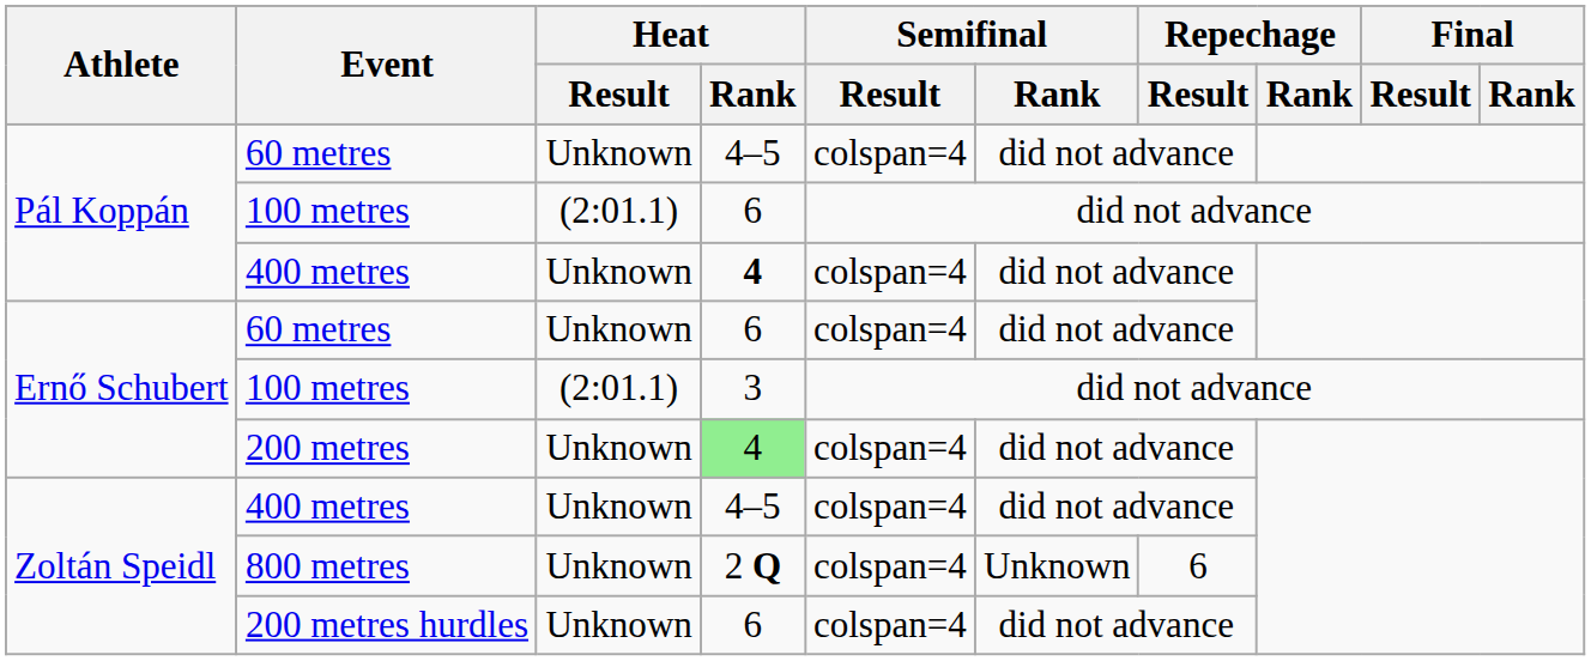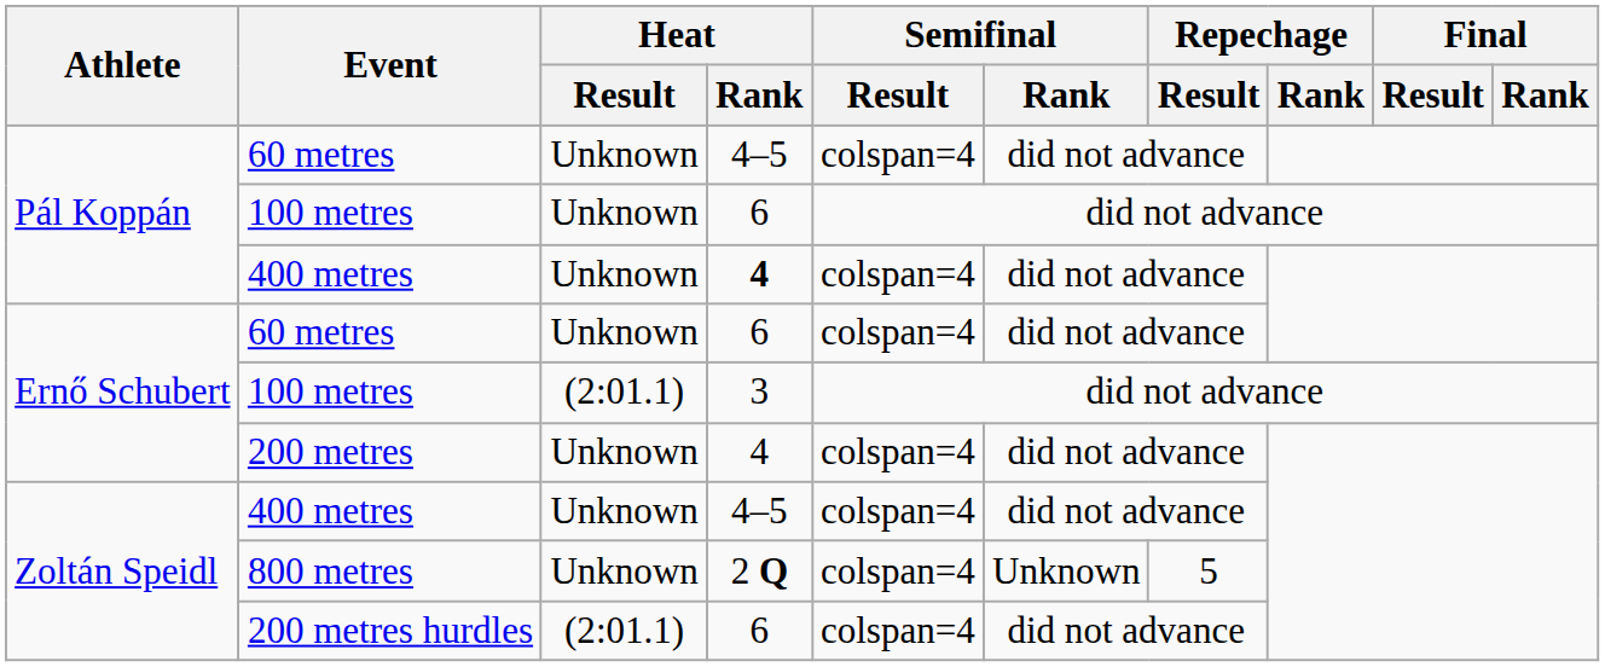 <table class="wikitable sortable" style="text-align:center">
 <tr>
 <th rowspan=2>Athlete</th>
 <th rowspan=2>Event</th>
 <th colspan=2>Heat</th>
 <th colspan=2>Semifinal</th>
 <th colspan=2>Repechage</th>
 <th colspan=2>Final</th>
 </tr>
 <tr>
 <th>Result</th>
 <th>Rank</th>
 <th>Result</th>
 <th>Rank</th>
 <th>Result</th>
 <th>Rank</th>
 <th>Result</th>
 <th>Rank</th>
 </tr>
 <tr>
 <td rowspan=3 style="text-align:left"><a href='#'>Pál Koppán</a></td>
 <td style="text-align:left"><a href='#'>60 metres</a></td>
 <td>Unknown</td>
 <td>4–5</td>
 <td>colspan=4 </td>
 <td colspan=2>did not advance</td>
 </tr>
 <tr>
 <td style="text-align:left"><a href='#'>100 metres</a></td>
-<td>(2:01.1)</td>
+<td>Unknown</td>
 <td>6</td>
 <td colspan=6>did not advance</td>
 </tr>
 <tr>
 <td style="text-align:left"><a href='#'>400 metres</a></td>
 <td>Unknown</td>
 <td><strong>4</strong></td>
 <td>colspan=4 </td>
 <td colspan=2>did not advance</td>
 </tr>
 <tr>
 <td rowspan=3 style="text-align:left"><a href='#'>Ernő Schubert</a></td>
 <td style="text-align:left"><a href='#'>60 metres</a></td>
 <td>Unknown</td>
 <td>6</td>
 <td>colspan=4 </td>
 <td colspan=2>did not advance</td>
 </tr>
 <tr>
 <td style="text-align:left"><a href='#'>100 metres</a></td>
 <td>(2:01.1)</td>
 <td>3</td>
 <td colspan=6>did not advance</td>
 </tr>
 <tr>
 <td style="text-align:left"><a href='#'>200 metres</a></td>
 <td>Unknown</td>
-<td style="background: lightgreen;">4</td>
+<td>4</td>
 <td>colspan=4 </td>
 <td colspan=2>did not advance</td>
 </tr>
 <tr>
 <td rowspan=3 style="text-align:left"><a href='#'>Zoltán Speidl</a></td>
 <td style="text-align:left"><a href='#'>400 metres</a></td>
 <td>Unknown</td>
 <td>4–5</td>
 <td>colspan=4 </td>
 <td colspan=2>did not advance</td>
 </tr>
 <tr>
 <td style="text-align:left"><a href='#'>800 metres</a></td>
 <td>Unknown</td>
 <td>2 <strong>Q</strong></td>
 <td>colspan=4 </td>
 <td>Unknown</td>
-<td>6</td>
+<td>5</td>
 </tr>
 <tr>
 <td style="text-align:left"><a href='#'>200 metres hurdles</a></td>
-<td>Unknown</td>
+<td>(2:01.1)</td>
 <td>6</td>
 <td>colspan=4 </td>
 <td colspan=2>did not advance</td>
 </tr>
 </table>
